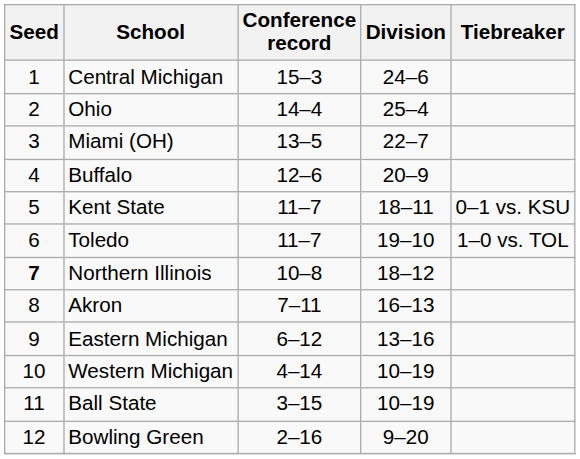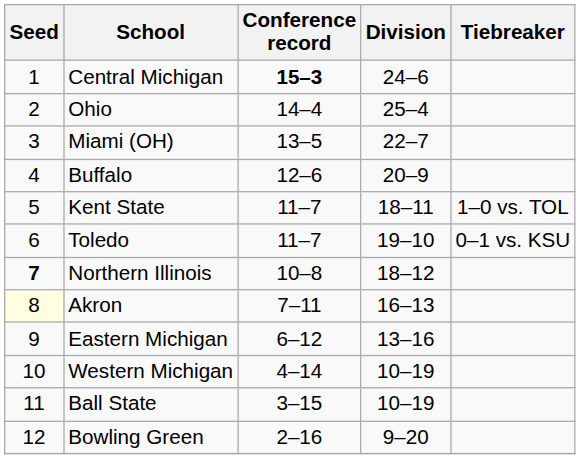 <table class="wikitable" style="text-align:center">
 <tr>
 <th>Seed</th>
 <th>School</th>
 <th>Conference<br>record</th>
 <th>Division</th>
 <th>Tiebreaker</th>
 </tr>
 <tr>
 <td>1</td>
 <td align=left>Central Michigan</td>
-<td>15–3</td>
+<td><strong>15–3</strong></td>
 <td>24–6</td>
 <td></td>
 </tr>
 <tr>
 <td>2</td>
 <td align=left>Ohio</td>
 <td>14–4</td>
 <td>25–4</td>
 <td></td>
 </tr>
 <tr>
 <td>3</td>
 <td align=left>Miami (OH)</td>
 <td>13–5</td>
 <td>22–7</td>
 <td></td>
 </tr>
 <tr>
 <td>4</td>
 <td align=left>Buffalo</td>
 <td>12–6</td>
 <td>20–9</td>
 <td></td>
 </tr>
 <tr>
 <td>5</td>
 <td align=left>Kent State</td>
 <td>11–7</td>
 <td>18–11</td>
-<td>0–1 vs. KSU</td>
+<td>1–0 vs. TOL</td>
 </tr>
 <tr>
 <td>6</td>
 <td align=left>Toledo</td>
 <td>11–7</td>
 <td>19–10</td>
-<td>1–0 vs. TOL</td>
+<td>0–1 vs. KSU</td>
 </tr>
 <tr>
 <td><strong>7</strong></td>
 <td align=left>Northern Illinois</td>
 <td>10–8</td>
 <td>18–12</td>
 <td></td>
 </tr>
 <tr>
-<td>8</td>
+<td style="background: lightyellow;">8</td>
 <td align=left>Akron</td>
 <td>7–11</td>
 <td>16–13</td>
 <td></td>
 </tr>
 <tr>
 <td>9</td>
 <td align=left>Eastern Michigan</td>
 <td>6–12</td>
 <td>13–16</td>
 <td></td>
 </tr>
 <tr>
 <td>10</td>
 <td align=left>Western Michigan</td>
 <td>4–14</td>
 <td>10–19</td>
 <td></td>
 </tr>
 <tr>
 <td>11</td>
 <td align=left>Ball State</td>
 <td>3–15</td>
 <td>10–19</td>
 <td></td>
 </tr>
 <tr>
 <td>12</td>
 <td align=left>Bowling Green</td>
 <td>2–16</td>
 <td>9–20</td>
 <td></td>
 </tr>
 <tr>
 </tr>
 </table>
